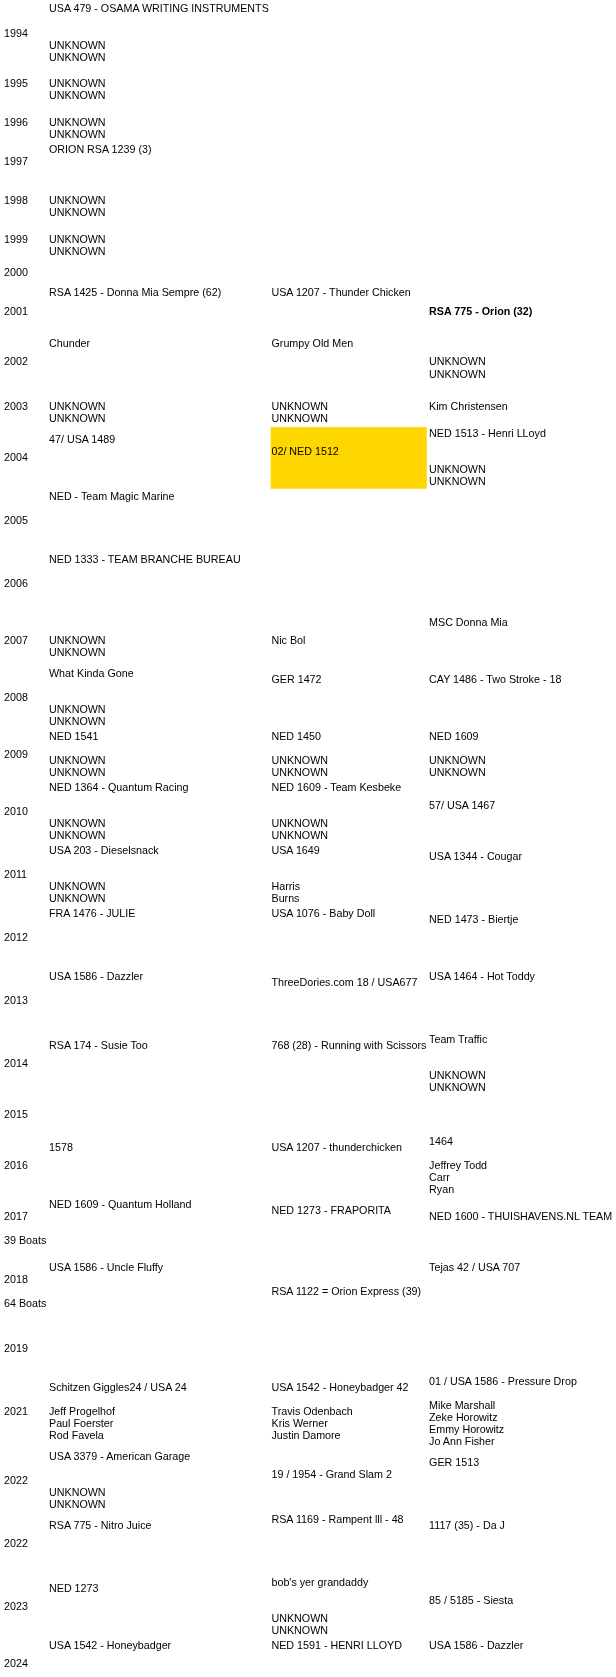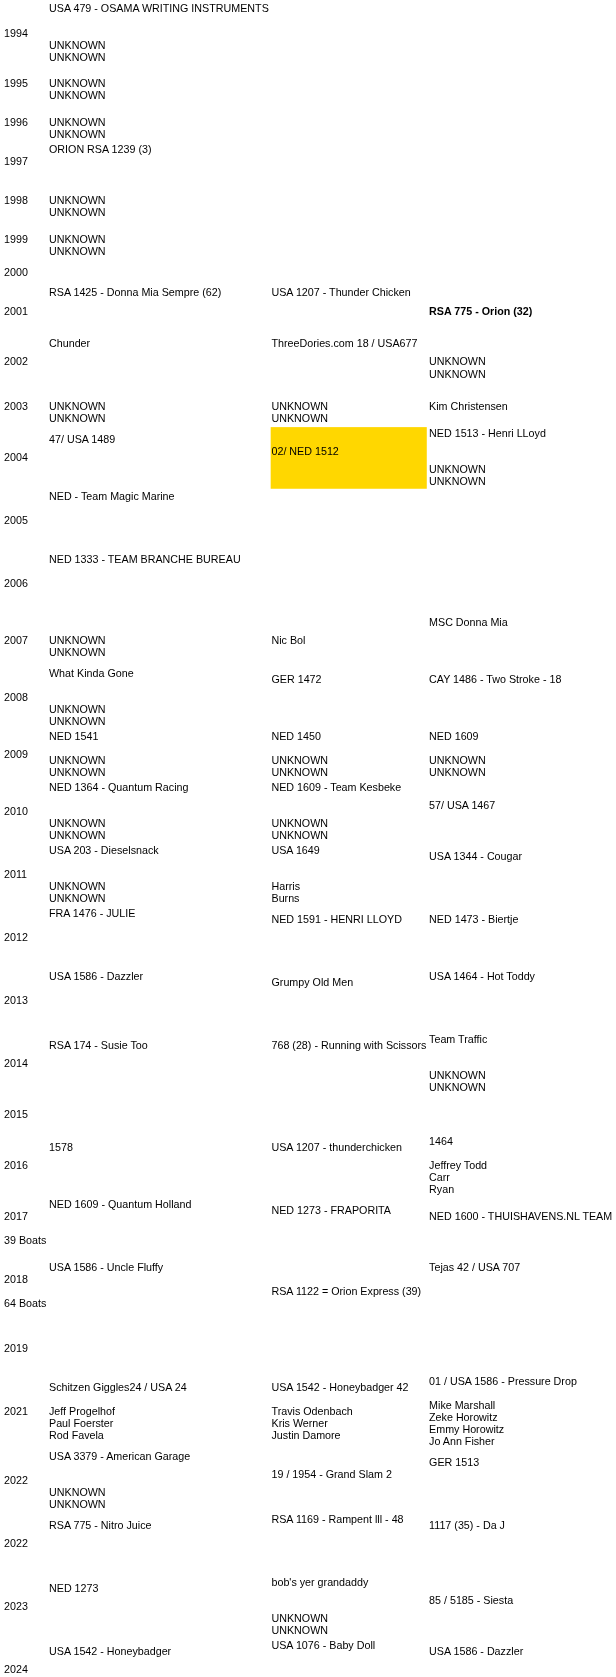 <table>
 <tr>
 <td>1994</td>
 <td>USA 479 - OSAMA WRITING INSTRUMENTS<br><br><br>UNKNOWN<br>UNKNOWN</td>
 <td></td>
 <td></td>
 <td></td>
 </tr>
 <tr>
 <td>1995</td>
 <td><br>UNKNOWN<br>UNKNOWN</td>
 <td></td>
 <td></td>
 <td></td>
 </tr>
 <tr>
 <td>1996</td>
 <td><br>UNKNOWN<br>UNKNOWN</td>
 <td></td>
 <td></td>
 <td></td>
 </tr>
 <tr>
 <td>1997</td>
 <td>ORION	RSA 1239 (3)<br><br>  <br> </td>
 <td></td>
 <td></td>
 <td></td>
 </tr>
 <tr>
 <td>1998</td>
 <td><br>UNKNOWN<br>UNKNOWN</td>
 <td></td>
 <td></td>
 <td></td>
 </tr>
 <tr>
 <td>1999</td>
 <td><br>UNKNOWN<br>UNKNOWN</td>
 <td></td>
 <td></td>
 <td></td>
 </tr>
 <tr>
 <td>2000</td>
 <td><br><br></td>
 <td></td>
 <td></td>
 <td></td>
 </tr>
 <tr>
 <td>2001</td>
 <td>RSA 1425 - Donna Mia Sempre (62)<br><br><br> <br> </td>
 <td>USA 1207 - Thunder Chicken<br><br><br> <br> </td>
 <td><strong>RSA 775 - Orion (32)<br></strong></td>
 <td></td>
 </tr>
 <tr>
 <td>2002</td>
 <td>Chunder<br><br><br> <br> </td>
-<td>Grumpy Old Men<br><br><br> <br> </td>
+<td>ThreeDories.com 	18 / USA677<br><br><br> <br> </td>
 <td><br>UNKNOWN<br>UNKNOWN</td>
 <td></td>
 </tr>
 <tr>
 <td>2003</td>
 <td><br>UNKNOWN<br>UNKNOWN</td>
 <td><br>UNKNOWN<br>UNKNOWN</td>
 <td>Kim Christensen</td>
 <td></td>
 </tr>
 <tr>
 <td>2004<br></td>
 <td>47/ USA 1489<br><br><br> <br> </td>
 <td style="background: gold;">02/ NED 1512<br><br></td>
 <td>NED 1513 - Henri LLoyd<br><br><br>UNKNOWN<br>UNKNOWN</td>
 <td></td>
 </tr>
 <tr>
 <td>2005</td>
 <td>NED - Team Magic Marine<br><br><br> <br> <br> </td>
 <td></td>
 <td></td>
 <td></td>
 </tr>
 <tr>
 <td>2006</td>
 <td>NED 1333 - TEAM BRANCHE BUREAU<br><br><br> <br> <br> </td>
 <td></td>
 <td></td>
 <td></td>
 </tr>
 <tr>
 <td>2007<br></td>
 <td><br>UNKNOWN<br>UNKNOWN</td>
 <td>Nic Bol</td>
 <td>MSC Donna Mia<br><br><br> <br> </td>
 <td></td>
 </tr>
 <tr>
 <td>2008<br></td>
 <td>What Kinda Gone<br><br><br>UNKNOWN<br>UNKNOWN</td>
 <td>GER 1472<br><br><br> <br> </td>
 <td>CAY 1486 - Two Stroke - 18<br><br><br> <br> </td>
 <td></td>
 </tr>
 <tr>
 <td>2009<br></td>
 <td>NED 1541<br><br>UNKNOWN<br>UNKNOWN</td>
 <td>NED 1450<br><br>UNKNOWN<br>UNKNOWN</td>
 <td>NED 1609<br><br>UNKNOWN<br>UNKNOWN</td>
 <td></td>
 </tr>
 <tr>
 <td>2010<br></td>
 <td>NED 1364 - Quantum Racing<br><br><br>UNKNOWN<br>UNKNOWN</td>
 <td>NED 1609 - Team Kesbeke<br><br><br>UNKNOWN<br>UNKNOWN</td>
 <td>57/ USA 1467<br><br></td>
 <td></td>
 </tr>
 <tr>
 <td>2011<br></td>
 <td>USA 203 - Dieselsnack<br><br><br>UNKNOWN<br>UNKNOWN</td>
 <td>USA 1649<br><br><br> Harris<br> Burns<br></td>
 <td>USA 1344 - Cougar <br><br><br> <br> </td>
 <td></td>
 </tr>
 <tr>
 <td>2012<br></td>
 <td>FRA 1476 - JULIE<br><br><br> <br> <br> </td>
-<td>USA 1076 - Baby Doll <br><br><br> <br> <br> </td>
+<td>NED 1591 - HENRI LLOYD<br><br> <br> <br> </td>
 <td>NED 1473 - Biertje<br><br><br> <br> </td>
 <td></td>
 </tr>
 <tr>
 <td>2013<br></td>
 <td>USA 1586 - Dazzler<br><br><br> <br> <br> </td>
-<td>ThreeDories.com 	18 / USA677<br><br><br> <br> </td>
+<td>Grumpy Old Men<br><br><br> <br> </td>
 <td>USA 1464 - Hot Toddy<br><br><br> <br> <br></td>
 <td></td>
 </tr>
 <tr>
 <td>2014<br></td>
 <td>RSA 174 - Susie Too<br><br><br> <br> </td>
 <td>768 (28) - Running with Scissors<br><br><br> <br> </td>
 <td>Team Traffic<br><br><br>UNKNOWN<br>UNKNOWN</td>
 <td></td>
 </tr>
 <tr>
 <td>2015<br></td>
 <td><br><br><br> </td>
 <td><br> </td>
 <td><br> </td>
 <td></td>
 </tr>
 <tr>
 <td>2016<br></td>
 <td>1578<br><br><br> <br> </td>
 <td>USA 1207 - thunderchicken<br><br><br> <br> </td>
 <td>1464<br><br>Jeffrey	Todd<br> Carr<br> Ryan</td>
 <td></td>
 </tr>
 <tr>
 <td>2017<br><br>39 Boats</td>
 <td>NED 1609 - Quantum Holland<br><br><br> <br> <br> </td>
 <td>NED 1273 - FRAPORITA<br><br><br> <br> </td>
 <td>NED 1600 - THUISHAVENS.NL TEAM<br><br> <br> </td>
 <td></td>
 </tr>
 <tr>
 <td>2018<br><br>64 Boats</td>
 <td>USA 1586 - Uncle Fluffy<br><br><br> <br> <br> </td>
 <td>RSA 1122 = Orion Express (39)<br></td>
 <td>Tejas 	42 / USA 707<br><br><br> <br> <br></td>
 <td></td>
 </tr>
 <tr>
 <td>2019<br></td>
 <td><br><br><br> </td>
 <td><br><br><br> </td>
 <td><br><br><br> <br> </td>
 <td></td>
 </tr>
 <tr>
 <td>2021<br></td>
 <td>Schitzen Giggles24 / USA 24<br><br>Jeff Progelhof<br> Paul Foerster<br> Rod	Favela</td>
 <td>USA 1542 - Honeybadger 42<br><br>Travis Odenbach<br> Kris Werner<br> Justin Damore</td>
 <td>01 / USA 1586 - Pressure Drop <br><br>Mike Marshall<br> Zeke Horowitz<br> Emmy Horowitz<br> Jo Ann Fisher</td>
 <td></td>
 </tr>
 <tr>
 <td>2022<br></td>
 <td>USA 3379 - American Garage<br><br><br>UNKNOWN<br>UNKNOWN</td>
 <td>19 / 1954 - Grand Slam 2<br><br></td>
 <td>GER 1513<br><br><br> <br> </td>
 <td></td>
 </tr>
 <tr>
 <td>2022<br></td>
 <td>RSA 775 - Nitro Juice<br><br><br> <br> </td>
 <td>RSA 1169 - Rampent lll - 48<br><br><br> <br> <br> </td>
 <td>1117 (35) - Da J<br><br><br> <br> </td>
 <td></td>
 </tr>
 <tr>
 <td>2023</td>
 <td>NED 1273<br><br><br> <br> </td>
 <td>bob's yer grandaddy<br><br><br>UNKNOWN<br>UNKNOWN</td>
 <td>85 / 5185 - Siesta <br><br></td>
 <td></td>
 </tr>
 <tr>
 <td>2024</td>
 <td>USA 1542 - Honeybadger <br><br><br> <br> </td>
-<td>NED 1591 - HENRI LLOYD<br><br> <br> <br> </td>
+<td>USA 1076 - Baby Doll <br><br><br> <br> <br> </td>
 <td>USA 1586 - Dazzler<br><br><br> <br> </td>
 <td></td>
 </tr>
 </table>
